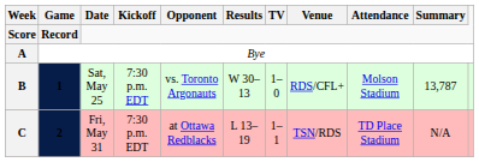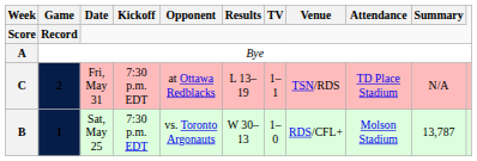 <table class="wikitable" style="font-size: 95%;">
 <tr>
 <th scope="col">Week</th>
 <th scope="col">Game</th>
 <th scope="col">Date</th>
 <th scope="col">Kickoff</th>
 <th scope="col">Opponent</th>
 <th scope="col">Results</th>
 <th scope="col">TV</th>
 <th scope="col">Venue</th>
 <th scope="col">Attendance</th>
 <th scope="col">Summary</th>
 </tr>
 <tr>
 <th scope="col">Score</th>
 <th scope="col">Record</th>
 </tr>
 <tr align="center"= bgcolor="ffffff">
 <th align="center"><strong>A</strong></th>
 <td colspan=10 align="center" valign="middle"><em>Bye</em></td>
 </tr>
+<tr align="center"= bgcolor="ffbbbb">
+<th align="center"><strong>C</strong></th>
+<th style="text-align:center; background:#071D49;"><span><strong>2</strong></span></th>
+<td align="center">Fri, May 31</td>
+<td align="center">7:30 p.m. EDT</td>
+<td align="center">at <a href='#'>Ottawa Redblacks</a></td>
+<td align="center">L 13–19</td>
+<td align="center">1–1</td>
+<td align="center"><a href='#'>TSN</a>/RDS</td>
+<td align="center"><a href='#'>TD Place Stadium</a></td>
+<td align="center">N/A</td>
+<td align="center"></td>
+</tr>
 <tr align="center"= bgcolor="ddffdd">
 <th align="center"><strong>B</strong></th>
 <th style="text-align:center; background:#071D49;"><span><strong>1</strong></span></th>
 <td align="center">Sat, May 25</td>
 <td align="center">7:30 p.m. <a href='#'>EDT</a></td>
 <td align="center">vs. <a href='#'>Toronto Argonauts</a></td>
 <td align="center">W 30–13</td>
 <td align="center">1–0</td>
 <td align="center"><a href='#'>RDS</a>/CFL+</td>
 <td align="center"><a href='#'>Molson Stadium</a></td>
 <td align="center">13,787</td>
 <td align="center"></td>
 </tr>
-<tr align="center"= bgcolor="ffbbbb">
-<th align="center"><strong>C</strong></th>
-<th style="text-align:center; background:#071D49;"><span><strong>2</strong></span></th>
-<td align="center">Fri, May 31</td>
-<td align="center">7:30 p.m. EDT</td>
-<td align="center">at <a href='#'>Ottawa Redblacks</a></td>
-<td align="center">L 13–19</td>
-<td align="center">1–1</td>
-<td align="center"><a href='#'>TSN</a>/RDS</td>
-<td align="center"><a href='#'>TD Place Stadium</a></td>
-<td align="center">N/A</td>
-<td align="center"></td>
-</tr>
 </table>
